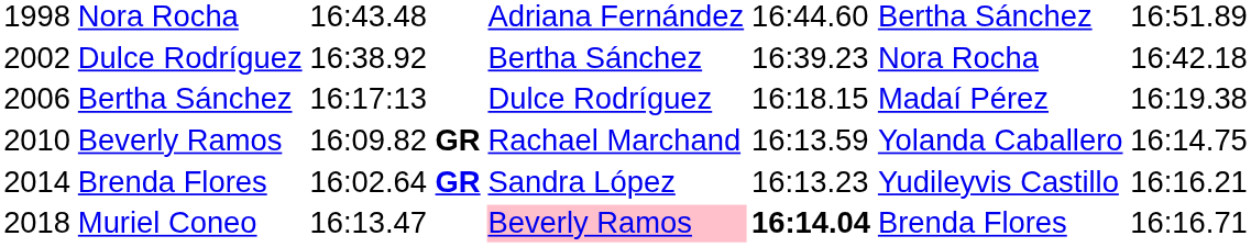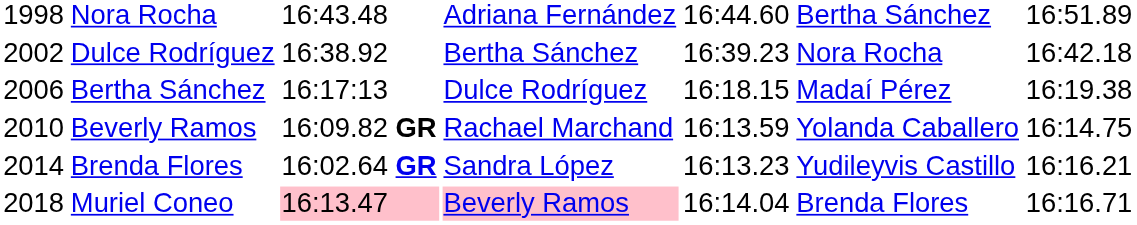 <table>
 <tr>
 <td>1998</td>
 <td><a href='#'>Nora Rocha</a><br> </td>
 <td>16:43.48</td>
 <td><a href='#'>Adriana Fernández</a><br> </td>
 <td>16:44.60</td>
 <td><a href='#'>Bertha Sánchez</a><br> </td>
 <td>16:51.89</td>
 </tr>
 <tr>
 <td>2002</td>
 <td><a href='#'>Dulce Rodríguez</a><br> </td>
 <td>16:38.92</td>
 <td><a href='#'>Bertha Sánchez</a><br> </td>
 <td>16:39.23</td>
 <td><a href='#'>Nora Rocha</a><br> </td>
 <td>16:42.18</td>
 </tr>
 <tr>
 <td>2006</td>
 <td><a href='#'>Bertha Sánchez</a><br></td>
 <td>16:17:13</td>
 <td><a href='#'>Dulce Rodríguez</a><br></td>
 <td>16:18.15</td>
 <td><a href='#'>Madaí Pérez</a><br></td>
 <td>16:19.38</td>
 </tr>
 <tr>
 <td>2010</td>
 <td><a href='#'>Beverly Ramos</a><br></td>
 <td>16:09.82 <strong>GR</strong></td>
 <td><a href='#'>Rachael Marchand</a><br></td>
 <td>16:13.59</td>
 <td><a href='#'>Yolanda Caballero</a><br></td>
 <td>16:14.75</td>
 </tr>
 <tr>
 <td>2014</td>
 <td><a href='#'>Brenda Flores</a><br></td>
 <td>16:02.64 <strong><a href='#'>GR</a></strong></td>
 <td><a href='#'>Sandra López</a><br></td>
 <td>16:13.23</td>
 <td><a href='#'>Yudileyvis Castillo</a><br></td>
 <td>16:16.21</td>
 </tr>
 <tr>
 <td>2018</td>
 <td><a href='#'>Muriel Coneo</a><br></td>
-<td>16:13.47</td>
+<td style="background: pink;">16:13.47</td>
 <td style="background: pink;"><a href='#'>Beverly Ramos</a><br></td>
-<td><strong>16:14.04</strong></td>
+<td>16:14.04</td>
 <td><a href='#'>Brenda Flores</a><br></td>
 <td>16:16.71 </td>
 </tr>
 </table>
